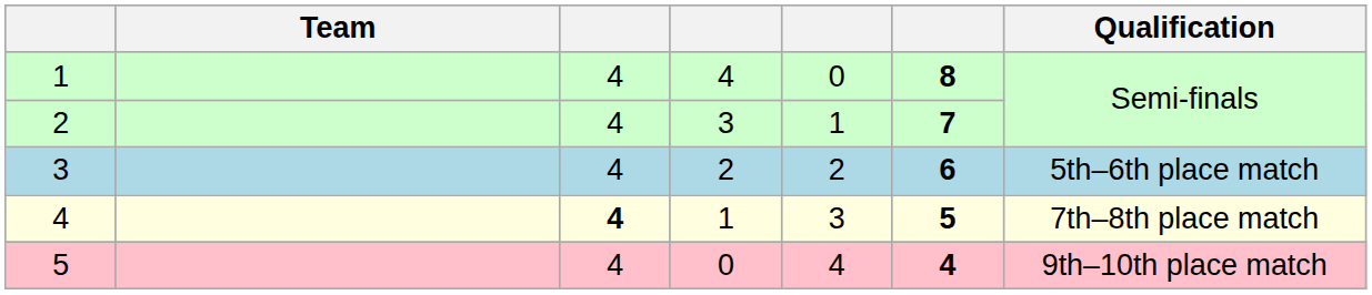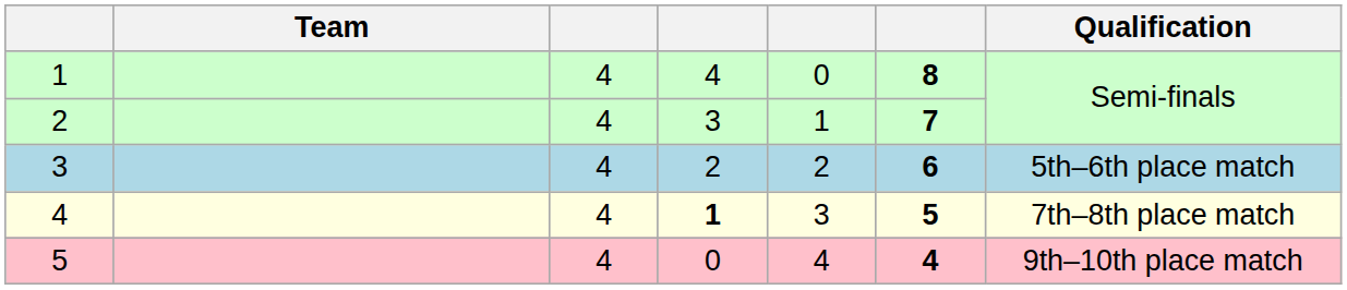 <table class=wikitable style="text-align:center" width=730>
 <tr>
 <th width=5.5%></th>
 <th width=22%>Team</th>
 <th width=5.5%></th>
 <th width=5.5%></th>
 <th width=5.5%></th>
 <th width=5.5%></th>
 <th width=18%>Qualification</th>
 </tr>
 <tr bgcolor=ccffcc>
 <td>1</td>
 <td style="text-align:left"></td>
 <td>4</td>
 <td>4</td>
 <td>0</td>
 <td><strong>8</strong></td>
 <td rowspan=2>Semi-finals</td>
 </tr>
 <tr bgcolor=ccffcc>
 <td>2</td>
 <td style="text-align:left"></td>
 <td>4</td>
 <td>3</td>
 <td>1</td>
 <td><strong>7</strong></td>
 </tr>
 <tr bgcolor=lightblue>
 <td>3</td>
 <td style="text-align:left"></td>
 <td>4</td>
 <td>2</td>
 <td>2</td>
 <td><strong>6</strong></td>
 <td>5th–6th place match</td>
 </tr>
 <tr bgcolor=lightyellow>
 <td>4</td>
 <td style="text-align:left"></td>
-<td><strong>4</strong></td>
-<td>1</td>
+<td>4</td>
+<td><strong>1</strong></td>
 <td>3</td>
 <td><strong>5</strong></td>
 <td>7th–8th place match</td>
 </tr>
 <tr bgcolor=pink>
 <td>5</td>
 <td style="text-align:left"></td>
 <td>4</td>
 <td>0</td>
 <td>4</td>
 <td><strong>4</strong></td>
 <td>9th–10th place match</td>
 </tr>
 </table>
